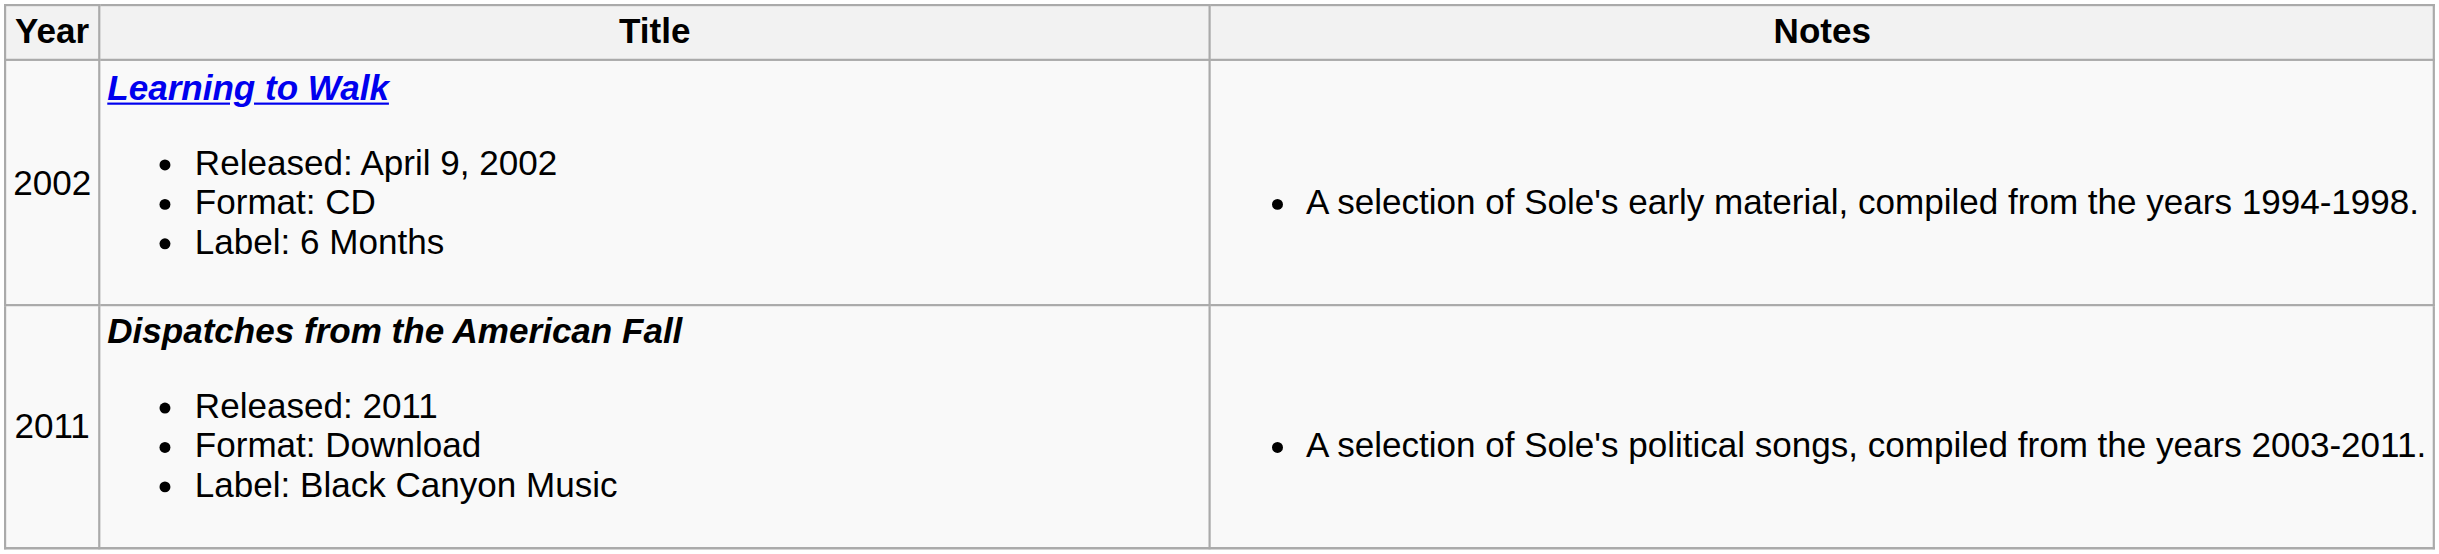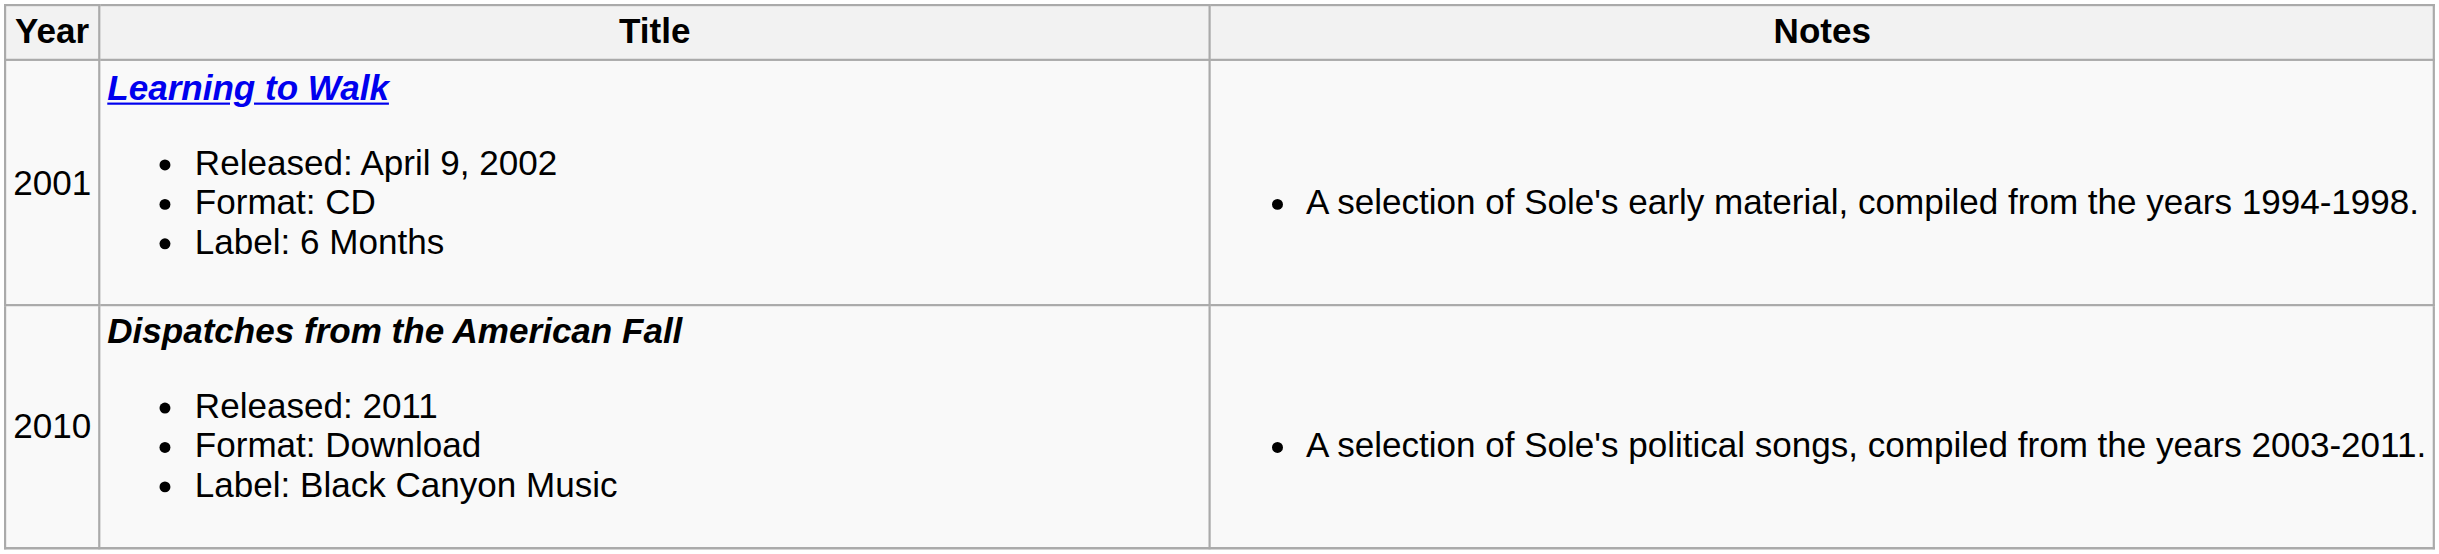 <table class="wikitable">
 <tr>
 <th rowspan="1" style="width:33px;">Year</th>
 <th rowspan="1" style="width:500px;">Title</th>
 <th rowspan="1">Notes</th>
 </tr>
 <tr>
-<td style="text-align:center;">2002</td>
+<td style="text-align:center;">2001</td>
 <td><strong><em><a href='#'>Learning to Walk</a></em></strong><br><ul><li>Released: April 9, 2002</li><li>Format: CD</li><li>Label: 6 Months</li></ul></td>
 <td><br><ul><li>A selection of Sole's early material, compiled from the years 1994-1998.</li></ul></td>
 </tr>
 <tr>
-<td style="text-align:center;">2011</td>
+<td style="text-align:center;">2010</td>
 <td><strong><em>Dispatches from the American Fall</em></strong><br><ul><li>Released: 2011</li><li>Format: Download</li><li>Label: Black Canyon Music</li></ul></td>
 <td><br><ul><li>A selection of Sole's political songs, compiled from the years 2003-2011.</li></ul></td>
 </tr>
 <tr>
 </tr>
 </table>
